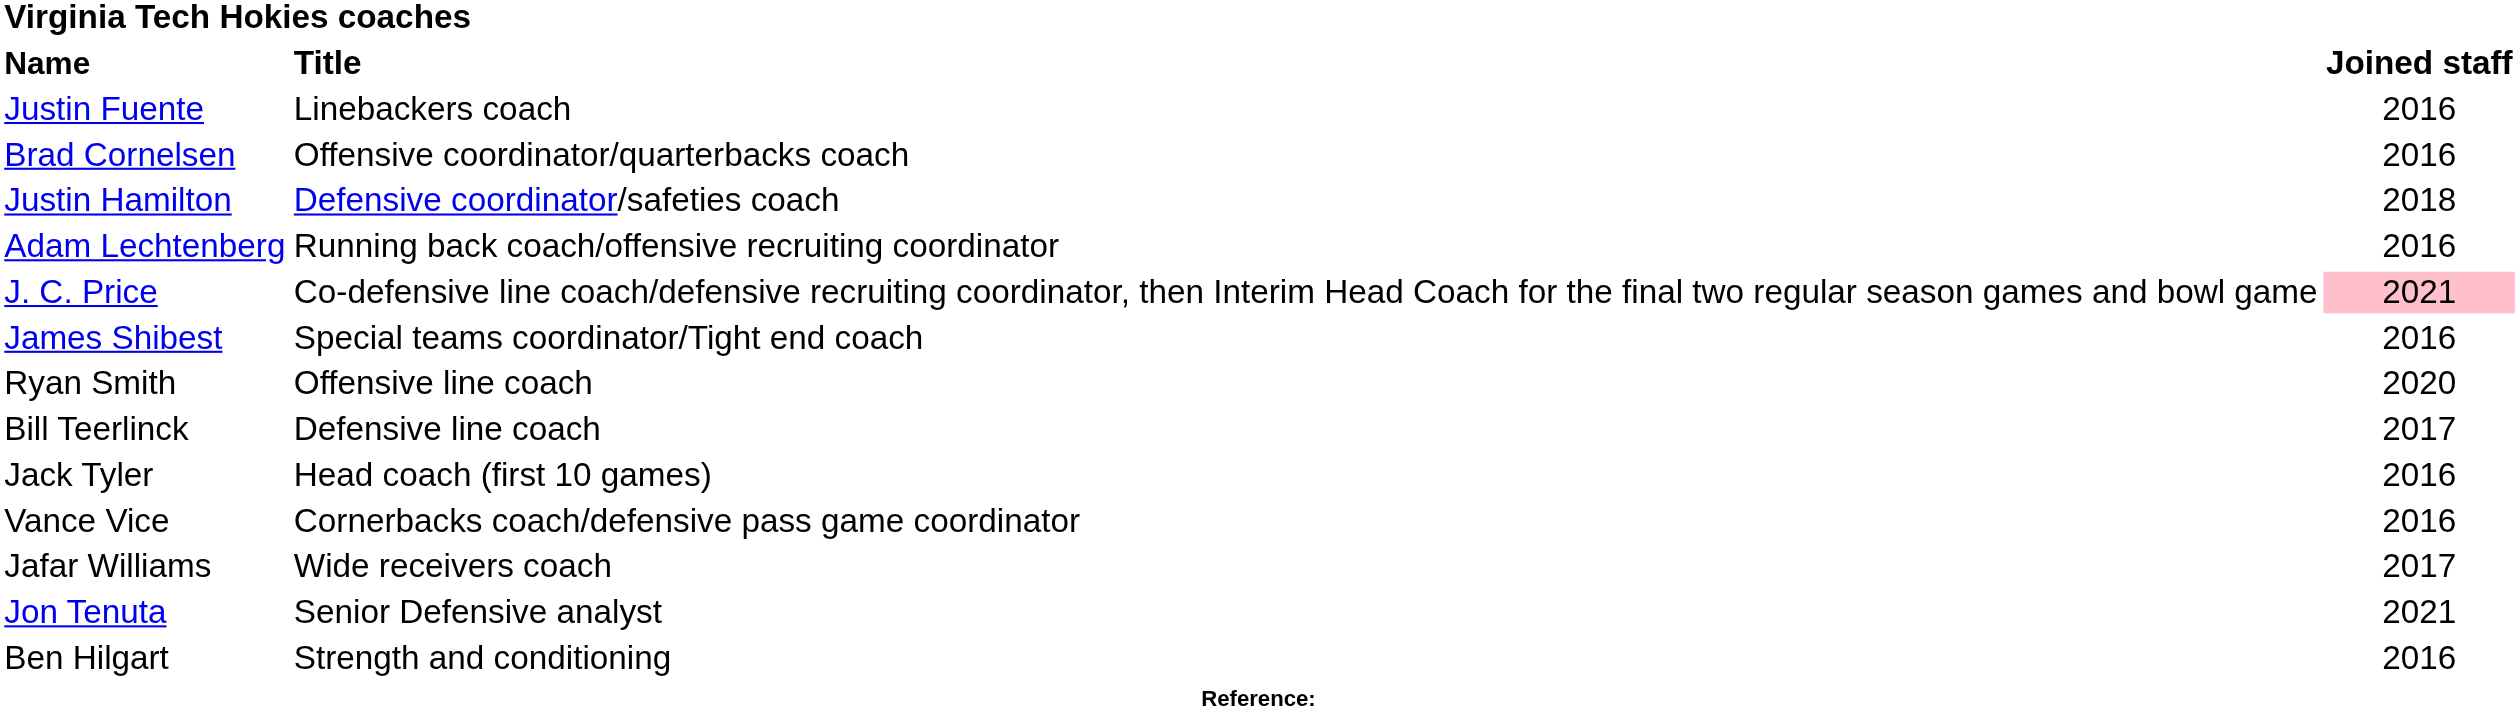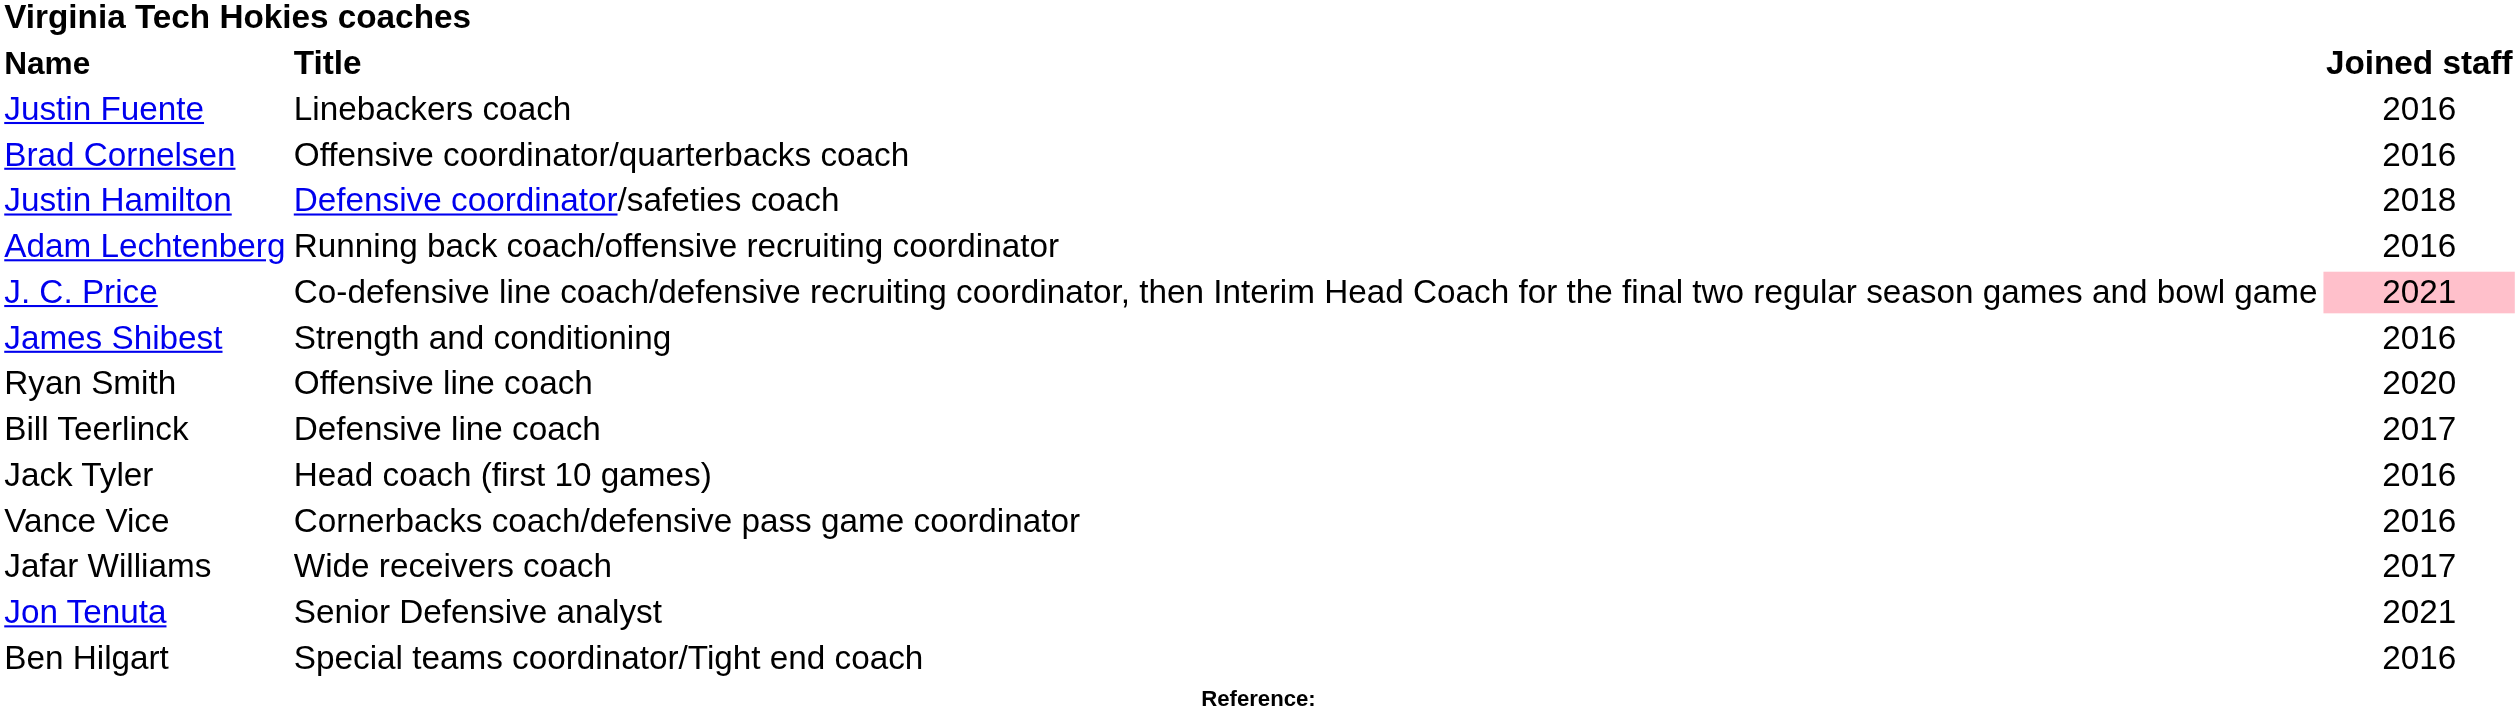 <table class="toccolours" style="text-align: left;">
 <tr>
 <td colspan="9"><strong>Virginia Tech Hokies coaches</strong></td>
 </tr>
 <tr>
 <td style="font-size: 95%;" valign="top"><strong>Name</strong></td>
 <td><strong>Title</strong></td>
 <td><strong>Joined staff</strong></td>
 </tr>
 <tr>
 <td><a href='#'>Justin Fuente</a></td>
 <td>Linebackers coach</td>
 <td align=center>2016</td>
 </tr>
 <tr>
 <td><a href='#'>Brad Cornelsen</a></td>
 <td>Offensive coordinator/quarterbacks coach</td>
 <td align=center>2016</td>
 </tr>
 <tr>
 <td><a href='#'>Justin Hamilton</a></td>
 <td><a href='#'>Defensive coordinator</a>/safeties coach</td>
 <td align="center">2018</td>
 </tr>
 <tr>
 <td><a href='#'>Adam Lechtenberg</a></td>
 <td>Running back coach/offensive recruiting coordinator</td>
 <td align="center">2016</td>
 </tr>
 <tr>
 <td><a href='#'>J. C. Price</a></td>
 <td>Co-defensive line coach/defensive recruiting coordinator, then Interim Head Coach for the final two regular season games and bowl game</td>
 <td align="center" style="background: pink;">2021</td>
 </tr>
 <tr>
 <td><a href='#'>James Shibest</a></td>
-<td>Special teams coordinator/Tight end coach</td>
+<td>Strength and conditioning</td>
 <td align="center">2016</td>
 </tr>
 <tr>
 <td>Ryan Smith</td>
 <td>Offensive line coach</td>
 <td align=center>2020</td>
 </tr>
 <tr>
 <td>Bill Teerlinck</td>
 <td>Defensive line coach</td>
 <td align="center">2017</td>
 </tr>
 <tr>
 <td>Jack Tyler</td>
 <td>Head coach (first 10 games)</td>
 <td align="center">2016</td>
 </tr>
 <tr>
 <td>Vance Vice</td>
 <td>Cornerbacks coach/defensive pass game coordinator</td>
 <td align="center">2016</td>
 </tr>
 <tr>
 <td>Jafar Williams</td>
 <td>Wide receivers coach</td>
 <td align="center">2017</td>
 </tr>
 <tr>
 <td><a href='#'>Jon Tenuta</a></td>
 <td>Senior Defensive analyst</td>
 <td align=center>2021</td>
 </tr>
 <tr>
 <td>Ben Hilgart</td>
-<td>Strength and conditioning</td>
+<td>Special teams coordinator/Tight end coach</td>
 <td align=center>2016</td>
 </tr>
 <tr>
 <td colspan="4" style="font-size:8pt; text-align:center;"><strong>Reference:</strong></td>
 </tr>
 </table>
